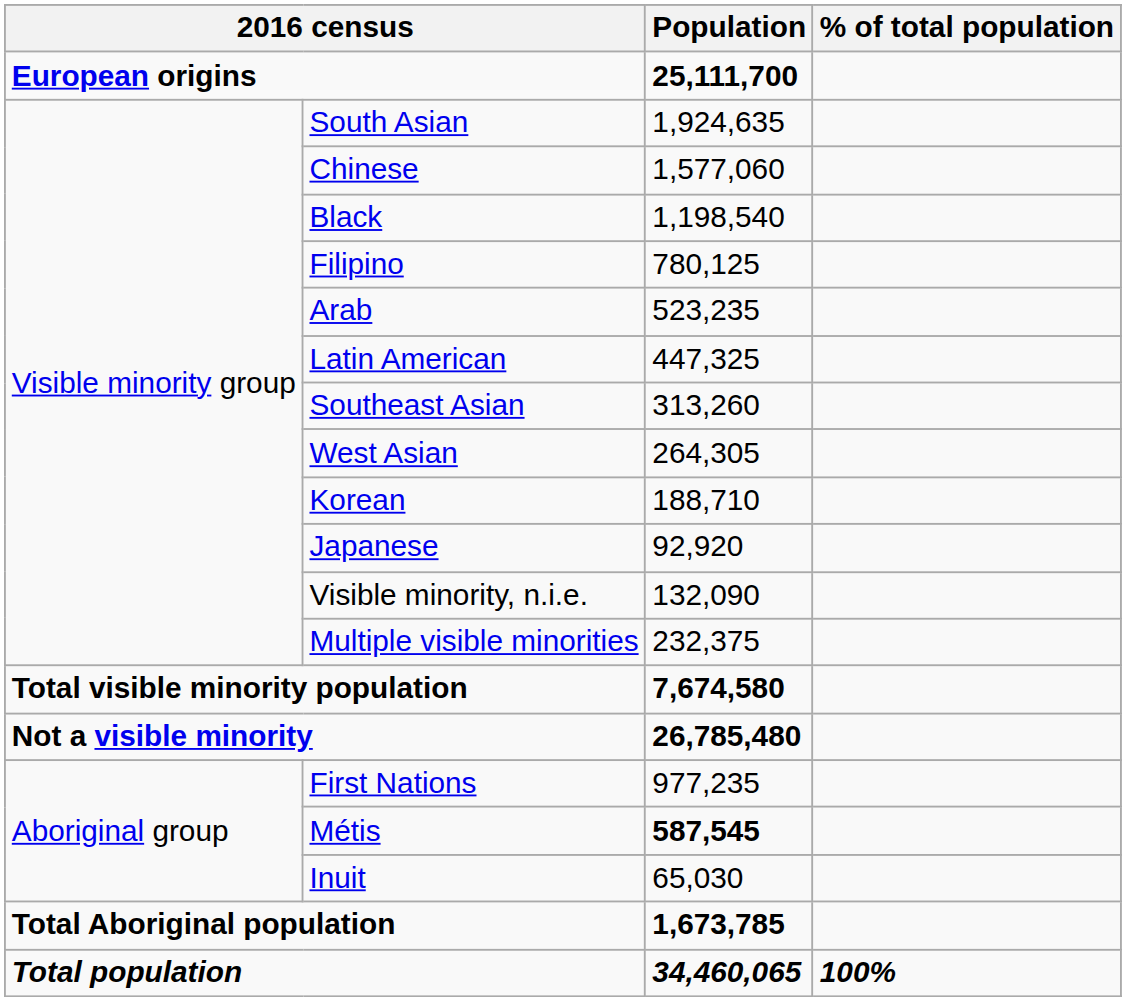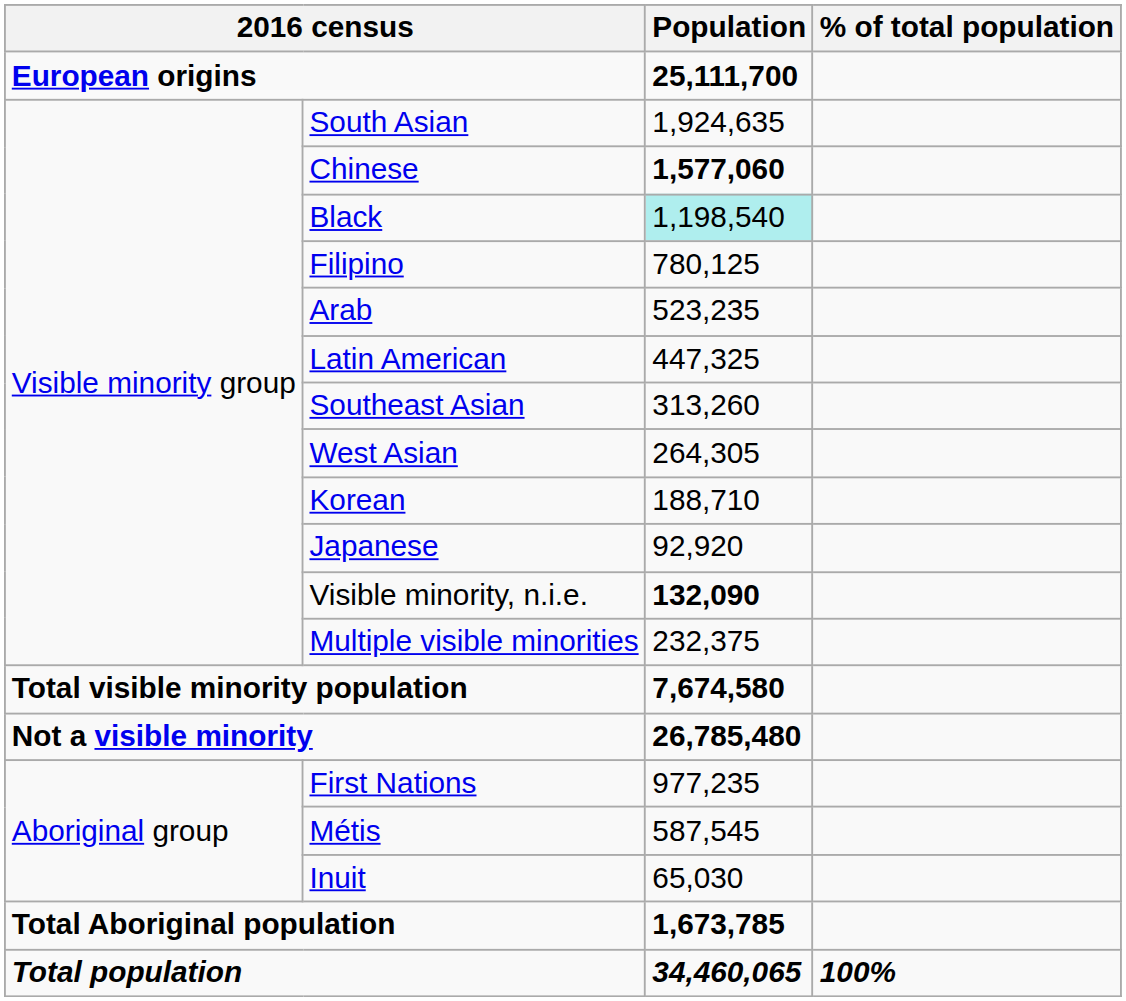 <table class="wikitable">
 <tr>
 <th colspan="2">2016 census</th>
 <th>Population</th>
 <th>% of total population</th>
 </tr>
 <tr>
 <td colspan="2"><strong><a href='#'>European</a> origins</strong></td>
 <td><strong>25,111,700</strong></td>
 <td><strong> </strong></td>
 </tr>
 <tr>
 <td rowspan="12"><a href='#'>Visible minority</a> group</td>
 <td><a href='#'>South Asian</a></td>
 <td>1,924,635</td>
 <td></td>
 </tr>
 <tr>
 <td><a href='#'>Chinese</a></td>
-<td>1,577,060</td>
+<td><strong>1,577,060</strong></td>
 <td></td>
 </tr>
 <tr>
 <td><a href='#'>Black</a></td>
-<td>1,198,540</td>
+<td style="background: paleturquoise;">1,198,540</td>
 <td></td>
 </tr>
 <tr>
 <td><a href='#'>Filipino</a></td>
 <td>780,125</td>
 <td></td>
 </tr>
 <tr>
 <td><a href='#'>Arab</a></td>
 <td>523,235</td>
 <td></td>
 </tr>
 <tr>
 <td><a href='#'>Latin American</a></td>
 <td>447,325</td>
 <td></td>
 </tr>
 <tr>
 <td><a href='#'>Southeast Asian</a></td>
 <td>313,260</td>
 <td></td>
 </tr>
 <tr>
 <td><a href='#'>West Asian</a></td>
 <td>264,305</td>
 <td></td>
 </tr>
 <tr>
 <td><a href='#'>Korean</a></td>
 <td>188,710</td>
 <td></td>
 </tr>
 <tr>
 <td><a href='#'>Japanese</a></td>
 <td>92,920</td>
 <td></td>
 </tr>
 <tr>
 <td>Visible minority, n.i.e.</td>
-<td>132,090</td>
+<td><strong>132,090</strong></td>
 <td></td>
 </tr>
 <tr>
 <td><a href='#'>Multiple visible minorities</a></td>
 <td>232,375</td>
 <td></td>
 </tr>
 <tr>
 <td colspan="2"><strong>Total visible minority population</strong></td>
 <td><strong>7,674,580</strong></td>
 <td><strong></strong></td>
 </tr>
 <tr>
 <td colspan="2"><strong>Not a <a href='#'>visible minority</a></strong></td>
 <td><strong>26,785,480</strong></td>
 <td><strong> </strong></td>
 </tr>
 <tr>
 <td rowspan="3"><a href='#'>Aboriginal</a> group</td>
 <td><a href='#'>First Nations</a></td>
 <td>977,235</td>
 <td></td>
 </tr>
 <tr>
 <td><a href='#'>Métis</a></td>
-<td><strong>587,545</strong></td>
+<td>587,545</td>
 <td></td>
 </tr>
 <tr>
 <td><a href='#'>Inuit</a></td>
 <td>65,030</td>
 <td></td>
 </tr>
 <tr>
 <td colspan="2"><strong>Total Aboriginal population</strong></td>
 <td><strong>1,673,785</strong></td>
 <td><strong></strong></td>
 </tr>
 <tr>
 <td colspan="2"><strong><em>Total population</em></strong></td>
 <td><strong><em>34,460,065</em></strong></td>
 <td><strong><em>100%</em></strong></td>
 </tr>
 </table>
